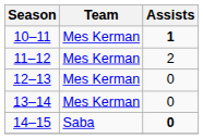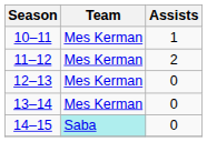 <table class="wikitable" style="text-align: center;">
 <tr>
 <th>Season</th>
 <th>Team</th>
 <th>Assists</th>
 </tr>
 <tr>
 <td><a href='#'>10–11</a></td>
 <td align="left"><a href='#'>Mes Kerman</a></td>
-<td><strong>1</strong></td>
+<td>1</td>
 </tr>
 <tr>
 <td><a href='#'>11–12</a></td>
 <td align="left"><a href='#'>Mes Kerman</a></td>
 <td>2</td>
 </tr>
 <tr>
 <td><a href='#'>12–13</a></td>
 <td align="left"><a href='#'>Mes Kerman</a></td>
 <td>0</td>
 </tr>
 <tr>
 <td><a href='#'>13–14</a></td>
 <td align="left"><a href='#'>Mes Kerman</a></td>
 <td>0</td>
 </tr>
 <tr>
 <td><a href='#'>14–15</a></td>
-<td align="left"><a href='#'>Saba</a></td>
-<td><strong>0</strong></td>
+<td align="left" style="background: paleturquoise;"><a href='#'>Saba</a></td>
+<td>0</td>
 </tr>
 <tr>
 </tr>
 </table>
